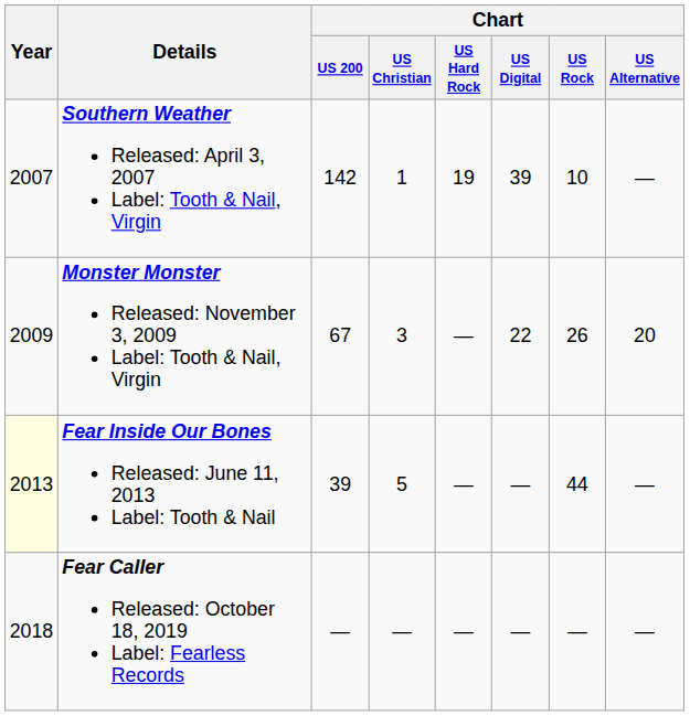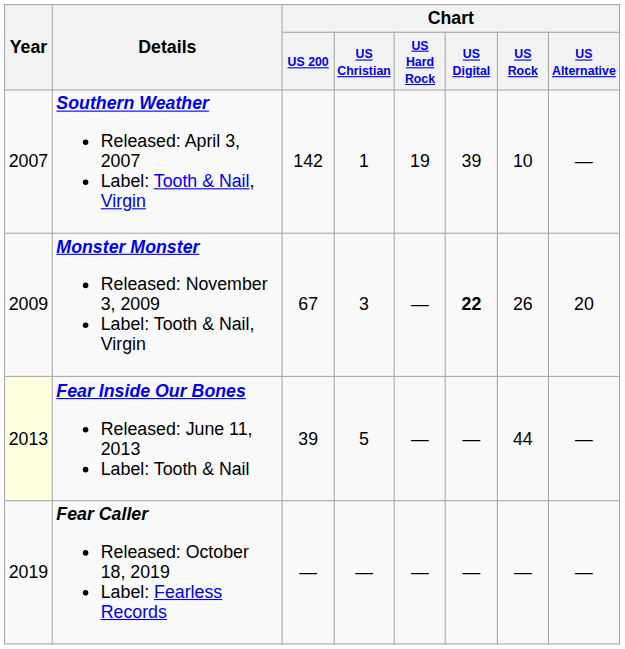 <table class="wikitable" style="text-align:center;">
 <tr>
 <th rowspan="2">Year</th>
 <th rowspan="2" style="width:200px;">Details</th>
 <th colspan="6">Chart</th>
 </tr>
 <tr style="font-size:smaller;">
 <th style="width:40px;"><small><a href='#'>US 200</a></small></th>
 <th style="width:40px;"><small><a href='#'>US Christian</a></small></th>
 <th style="width:40px;"><small><a href='#'>US Hard Rock</a></small></th>
 <th style="width:40px;"><small><a href='#'>US Digital</a></small></th>
 <th style="width:40px;"><small><a href='#'>US Rock</a></small></th>
 <th style="width:40px;"><small><a href='#'>US Alternative</a></small></th>
 </tr>
 <tr>
 <td>2007</td>
 <td style="text-align:left;"><strong><em><a href='#'>Southern Weather</a></em></strong><br><ul><li>Released: April 3, 2007</li><li>Label: <a href='#'>Tooth & Nail</a>, <a href='#'>Virgin</a></li></ul></td>
 <td>142</td>
 <td>1</td>
 <td>19</td>
 <td>39</td>
 <td>10</td>
 <td>—</td>
 </tr>
 <tr>
 <td>2009</td>
 <td style="text-align:left;"><strong><em><a href='#'>Monster Monster</a></em></strong><br><ul><li>Released: November 3, 2009</li><li>Label: Tooth & Nail, Virgin</li></ul></td>
 <td>67</td>
 <td>3</td>
 <td>—</td>
-<td>22</td>
+<td><strong>22</strong></td>
 <td>26</td>
 <td>20</td>
 </tr>
 <tr>
 <td style="background: lightyellow;">2013</td>
 <td style="text-align:left;"><strong><em><a href='#'>Fear Inside Our Bones</a></em></strong><br><ul><li>Released: June 11, 2013</li><li>Label: Tooth & Nail</li></ul></td>
 <td>39</td>
 <td>5</td>
 <td>—</td>
 <td>—</td>
 <td>44</td>
 <td>—</td>
 </tr>
 <tr>
-<td>2018</td>
+<td>2019</td>
 <td style="text-align:left;"><strong><em>Fear Caller</em></strong><br><ul><li>Released: October 18, 2019</li><li>Label: <a href='#'>Fearless Records</a></li></ul></td>
 <td>—</td>
 <td>—</td>
 <td>—</td>
 <td>—</td>
 <td>—</td>
 <td>—</td>
 </tr>
 </table>
